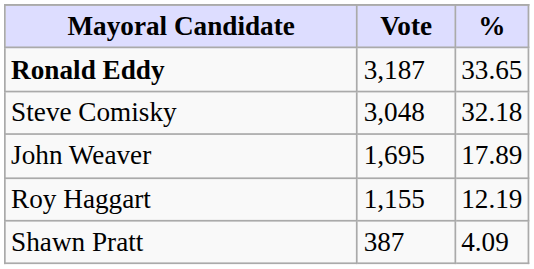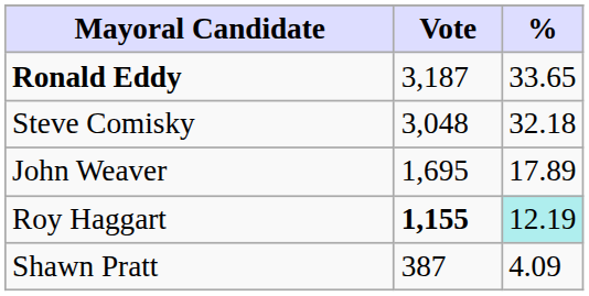 <table class="wikitable">
 <tr style="background-color:#E9E9E9">
 </tr>
 <tr>
 <th style="background:#ddf; width:200px;">Mayoral Candidate</th>
 <th style="background:#ddf; width:50px;">Vote</th>
 <th style="background:#ddf; width:30px;">%</th>
 </tr>
 <tr>
 <td><strong>Ronald Eddy</strong></td>
 <td>3,187</td>
 <td>33.65</td>
 </tr>
 <tr>
 <td>Steve Comisky</td>
 <td>3,048</td>
 <td>32.18</td>
 </tr>
 <tr>
 <td>John Weaver</td>
 <td>1,695</td>
 <td>17.89</td>
 </tr>
 <tr>
 <td>Roy Haggart</td>
-<td>1,155</td>
-<td>12.19</td>
+<td><strong>1,155</strong></td>
+<td style="background: paleturquoise;">12.19</td>
 </tr>
 <tr>
 <td>Shawn Pratt</td>
 <td>387</td>
 <td>4.09</td>
 </tr>
 </table>
